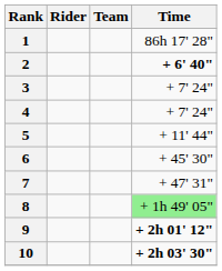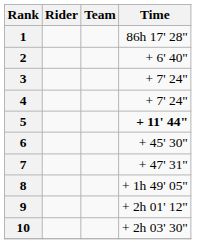 <table class="wikitable">
 <tr>
 <th scope="col">Rank</th>
 <th scope="col">Rider</th>
 <th scope="col">Team</th>
 <th scope="col">Time</th>
 </tr>
 <tr>
 <th scope="row">1</th>
 <td> </td>
 <td></td>
 <td align="right">86h 17' 28"</td>
 </tr>
 <tr>
 <th scope="row">2</th>
 <td></td>
 <td></td>
-<td align="right"><strong>+ 6' 40"</strong></td>
+<td align="right">+ 6' 40"</td>
 </tr>
 <tr>
 <th scope="row">3</th>
 <td></td>
 <td></td>
 <td align="right">+ 7' 24"</td>
 </tr>
 <tr>
 <th scope="row">4</th>
 <td></td>
 <td></td>
 <td align="right">+ 7' 24"</td>
 </tr>
 <tr>
 <th scope="row">5</th>
 <td></td>
 <td></td>
-<td align="right">+ 11' 44"</td>
+<td align="right"><strong>+ 11' 44"</strong></td>
 </tr>
 <tr>
 <th scope="row">6</th>
 <td></td>
 <td></td>
 <td align="right">+ 45' 30"</td>
 </tr>
 <tr>
 <th scope="row">7</th>
 <td></td>
 <td></td>
 <td align="right">+ 47' 31"</td>
 </tr>
 <tr>
 <th scope="row">8</th>
 <td></td>
 <td></td>
-<td align="right" style="background: lightgreen;">+ 1h 49' 05"</td>
+<td align="right">+ 1h 49' 05"</td>
 </tr>
 <tr>
 <th scope="row">9</th>
 <td></td>
 <td></td>
-<td align="right"><strong>+ 2h 01' 12"</strong></td>
+<td align="right">+ 2h 01' 12"</td>
 </tr>
 <tr>
 <th scope="row">10</th>
 <td></td>
 <td></td>
-<td align="right"><strong>+ 2h 03' 30"</strong></td>
+<td align="right">+ 2h 03' 30"</td>
 </tr>
 <tr>
 </tr>
 </table>
